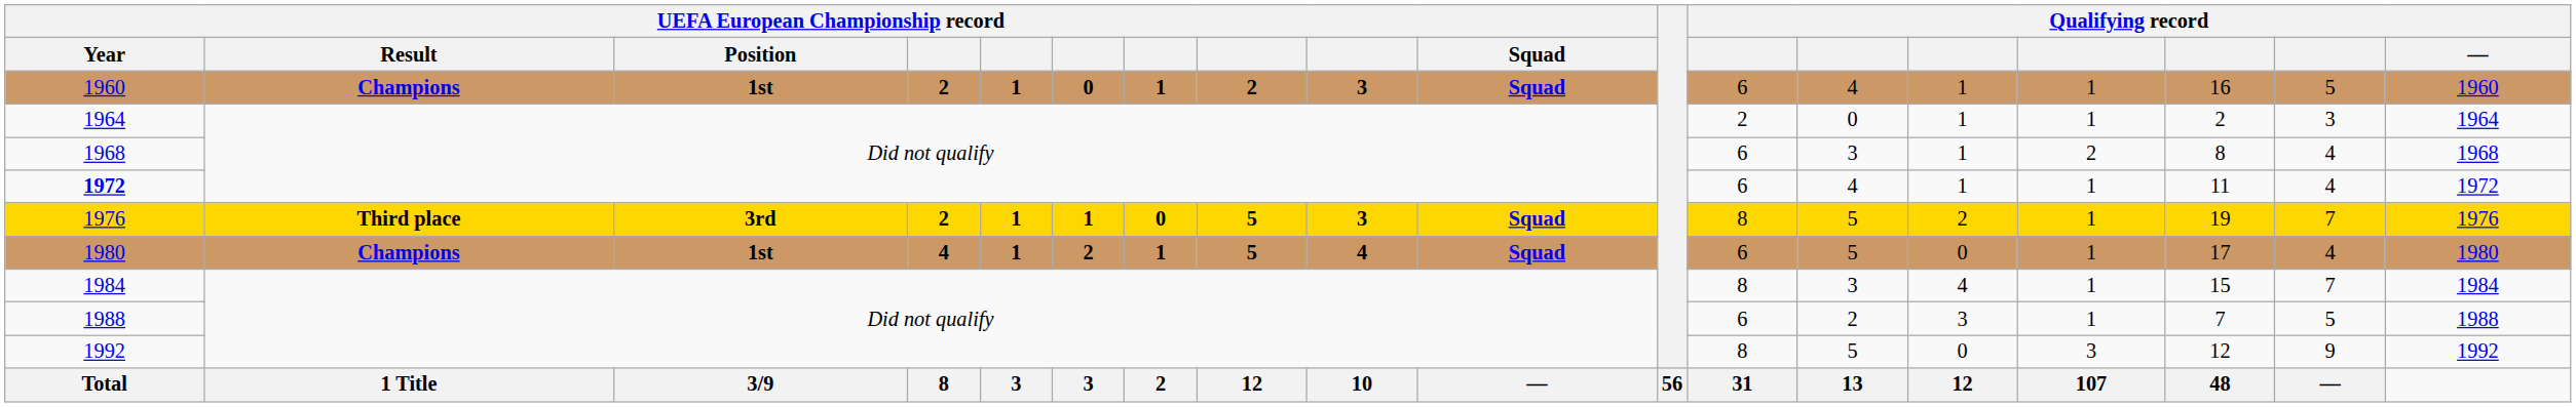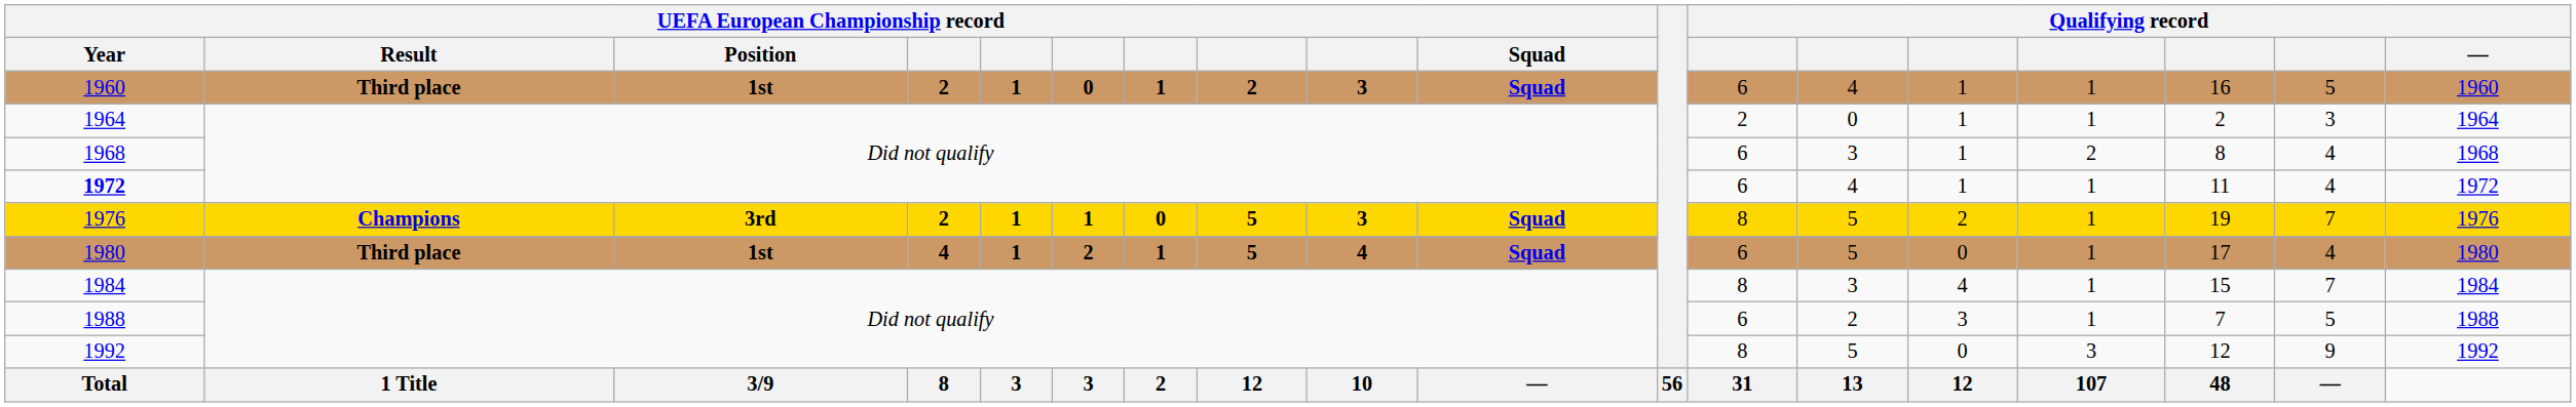 <table class="wikitable" style="text-align: center;">
 <tr>
 <th colspan=10><a href='#'>UEFA European Championship</a> record</th>
 <th width=1% rowspan=12></th>
 <th colspan=7><a href='#'>Qualifying</a> record</th>
 </tr>
 <tr>
 <th>Year</th>
 <th>Result</th>
 <th>Position</th>
 <th></th>
 <th></th>
 <th></th>
 <th></th>
 <th></th>
 <th></th>
 <th>Squad</th>
 <th></th>
 <th></th>
 <th></th>
 <th></th>
 <th></th>
 <th></th>
 <th>—</th>
 </tr>
 <tr bgcolor=#cc9966>
 <td> <a href='#'>1960</a></td>
-<td><strong><a href='#'>Champions</a></strong></td>
+<td><strong>Third place</strong></td>
 <td><strong>1st</strong></td>
 <td><strong>2</strong></td>
 <td><strong>1</strong></td>
 <td><strong>0</strong></td>
 <td><strong>1</strong></td>
 <td><strong>2</strong></td>
 <td><strong>3</strong></td>
 <td><strong><a href='#'>Squad</a></strong></td>
 <td>6</td>
 <td>4</td>
 <td>1</td>
 <td>1</td>
 <td>16</td>
 <td>5</td>
 <td><a href='#'>1960</a></td>
 </tr>
 <tr>
 <td> <a href='#'>1964</a></td>
 <td colspan=9 rowspan=3><em>Did not qualify</em></td>
 <td>2</td>
 <td>0</td>
 <td>1</td>
 <td>1</td>
 <td>2</td>
 <td>3</td>
 <td><a href='#'>1964</a></td>
 </tr>
 <tr>
 <td> <a href='#'>1968</a></td>
 <td>6</td>
 <td>3</td>
 <td>1</td>
 <td>2</td>
 <td>8</td>
 <td>4</td>
 <td><a href='#'>1968</a></td>
 </tr>
 <tr>
 <td><strong> <a href='#'>1972</a></strong></td>
 <td>6</td>
 <td>4</td>
 <td>1</td>
 <td>1</td>
 <td>11</td>
 <td>4</td>
 <td><a href='#'>1972</a></td>
 </tr>
 <tr bgcolor=Gold>
 <td> <a href='#'>1976</a></td>
-<td><strong>Third place</strong></td>
+<td><strong><a href='#'>Champions</a></strong></td>
 <td><strong>3rd</strong></td>
 <td><strong>2</strong></td>
 <td><strong>1</strong></td>
 <td><strong>1</strong></td>
 <td><strong>0</strong></td>
 <td><strong>5</strong></td>
 <td><strong>3</strong></td>
 <td><strong><a href='#'>Squad</a></strong></td>
 <td>8</td>
 <td>5</td>
 <td>2</td>
 <td>1</td>
 <td>19</td>
 <td>7</td>
 <td><a href='#'>1976</a></td>
 </tr>
 <tr>
 </tr>
 <tr bgcolor=#cc9966>
 <td> <a href='#'>1980</a></td>
-<td><strong><a href='#'>Champions</a></strong></td>
+<td><strong>Third place</strong></td>
 <td><strong>1st</strong></td>
 <td><strong>4</strong></td>
 <td><strong>1</strong></td>
 <td><strong>2</strong></td>
 <td><strong>1</strong></td>
 <td><strong>5</strong></td>
 <td><strong>4</strong></td>
 <td><strong><a href='#'>Squad</a></strong></td>
 <td>6</td>
 <td>5</td>
 <td>0</td>
 <td>1</td>
 <td>17</td>
 <td>4</td>
 <td><a href='#'>1980</a></td>
 </tr>
 <tr>
 <td> <a href='#'>1984</a></td>
 <td colspan=9 rowspan=3><em>Did not qualify</em></td>
 <td>8</td>
 <td>3</td>
 <td>4</td>
 <td>1</td>
 <td>15</td>
 <td>7</td>
 <td><a href='#'>1984</a></td>
 </tr>
 <tr>
 <td> <a href='#'>1988</a></td>
 <td>6</td>
 <td>2</td>
 <td>3</td>
 <td>1</td>
 <td>7</td>
 <td>5</td>
 <td><a href='#'>1988</a></td>
 </tr>
 <tr>
 <td> <a href='#'>1992</a></td>
 <td>8</td>
 <td>5</td>
 <td>0</td>
 <td>3</td>
 <td>12</td>
 <td>9</td>
 <td><a href='#'>1992</a></td>
 </tr>
 <tr>
 <th>Total</th>
 <th>1 Title</th>
 <th>3/9</th>
 <th>8</th>
 <th>3</th>
 <th>3</th>
 <th>2</th>
 <th>12</th>
 <th>10</th>
 <th>—</th>
 <th>56</th>
 <th>31</th>
 <th>13</th>
 <th>12</th>
 <th>107</th>
 <th>48</th>
 <th>—</th>
 </tr>
 </table>
